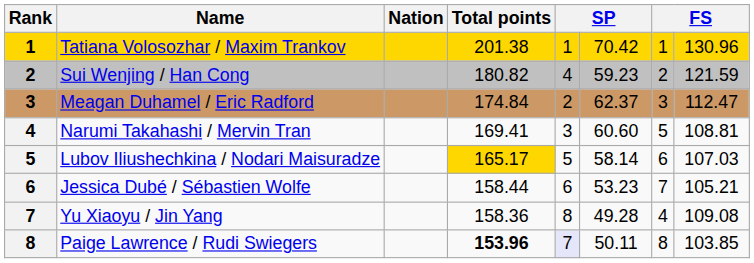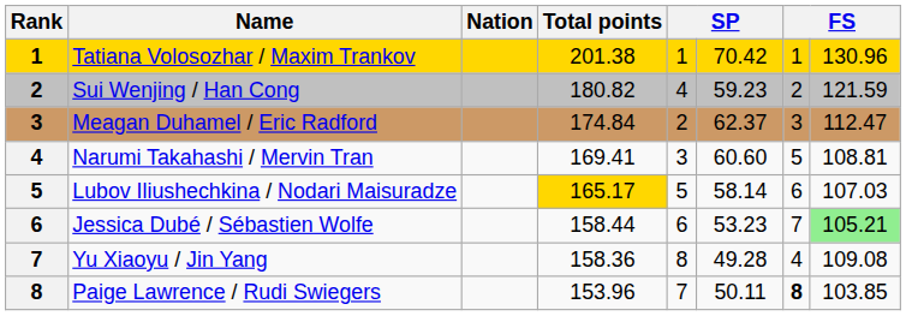 <table class="wikitable sortable">
 <tr>
 <th>Rank</th>
 <th>Name</th>
 <th>Nation</th>
 <th>Total points</th>
 <th colspan="2" width="80px"><a href='#'>SP</a></th>
 <th colspan="2" width="80px"><a href='#'>FS</a></th>
 </tr>
 <tr bgcolor="gold">
 <td align="center"><strong>1</strong></td>
 <td><a href='#'>Tatiana Volosozhar</a> / <a href='#'>Maxim Trankov</a></td>
 <td></td>
 <td align="center">201.38</td>
 <td align="center">1</td>
 <td align="center">70.42</td>
 <td align="center">1</td>
 <td align="center">130.96</td>
 </tr>
 <tr bgcolor="silver">
 <td align="center"><strong>2</strong></td>
 <td><a href='#'>Sui Wenjing</a> / <a href='#'>Han Cong</a></td>
 <td></td>
 <td align="center">180.82</td>
 <td align="center">4</td>
 <td align="center">59.23</td>
 <td align="center">2</td>
 <td align="center">121.59</td>
 </tr>
 <tr bgcolor="cc9966">
 <td align="center"><strong>3</strong></td>
 <td><a href='#'>Meagan Duhamel</a> / <a href='#'>Eric Radford</a></td>
 <td></td>
 <td align="center">174.84</td>
 <td align="center">2</td>
 <td align="center">62.37</td>
 <td align="center">3</td>
 <td align="center">112.47</td>
 </tr>
 <tr>
 <th>4</th>
 <td><a href='#'>Narumi Takahashi</a> / <a href='#'>Mervin Tran</a></td>
 <td></td>
 <td align="center">169.41</td>
 <td align="center">3</td>
 <td align="center">60.60</td>
 <td align="center">5</td>
 <td align="center">108.81</td>
 </tr>
 <tr>
 <th>5</th>
 <td><a href='#'>Lubov Iliushechkina</a> / <a href='#'>Nodari Maisuradze</a></td>
 <td></td>
 <td align="center" style="background: gold;">165.17</td>
 <td align="center">5</td>
 <td align="center">58.14</td>
 <td align="center">6</td>
 <td align="center">107.03</td>
 </tr>
 <tr>
 <th>6</th>
 <td><a href='#'>Jessica Dubé</a> / <a href='#'>Sébastien Wolfe</a></td>
 <td></td>
 <td align="center">158.44</td>
 <td align="center">6</td>
 <td align="center">53.23</td>
 <td align="center">7</td>
-<td align="center">105.21</td>
+<td align="center" style="background: lightgreen;">105.21</td>
 </tr>
 <tr>
 <th>7</th>
 <td><a href='#'>Yu Xiaoyu</a> / <a href='#'>Jin Yang</a></td>
 <td></td>
 <td align="center">158.36</td>
 <td align="center">8</td>
 <td align="center">49.28</td>
 <td align="center">4</td>
 <td align="center">109.08</td>
 </tr>
 <tr>
 <th>8</th>
 <td><a href='#'>Paige Lawrence</a> / <a href='#'>Rudi Swiegers</a></td>
 <td></td>
-<td align="center"><strong>153.96</strong></td>
-<td align="center" style="background: lavender;">7</td>
+<td align="center">153.96</td>
+<td align="center">7</td>
 <td align="center">50.11</td>
-<td align="center">8</td>
+<td align="center"><strong>8</strong></td>
 <td align="center">103.85</td>
 </tr>
 </table>
